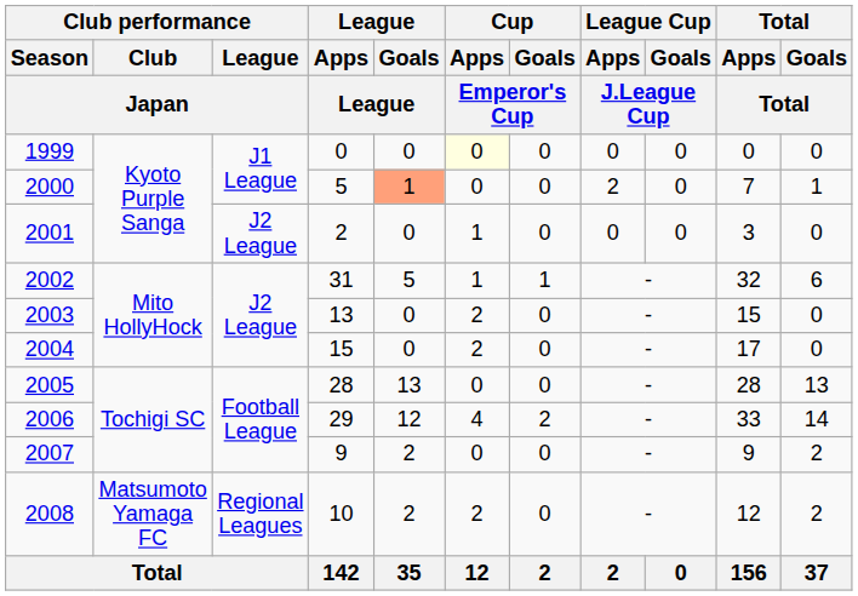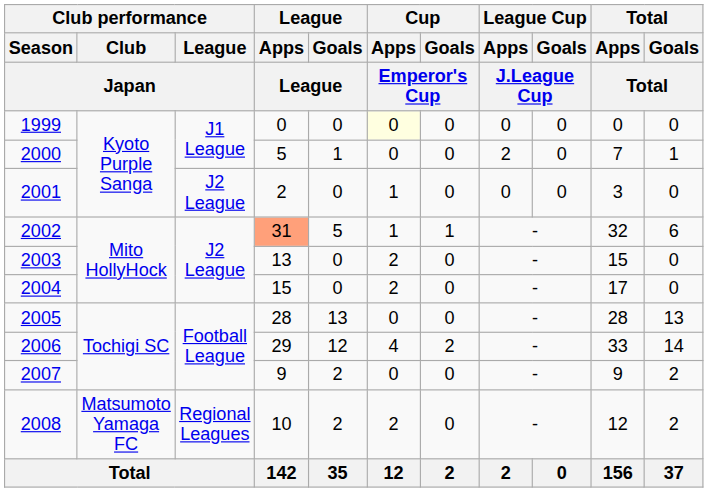 <table class="wikitable" style="text-align:center;">
 <tr>
 <th colspan=3>Club performance</th>
 <th colspan=2>League</th>
 <th colspan=2>Cup</th>
 <th colspan=2>League Cup</th>
 <th colspan=2>Total</th>
 </tr>
 <tr>
 <th>Season</th>
 <th>Club</th>
 <th>League</th>
 <th>Apps</th>
 <th>Goals</th>
 <th>Apps</th>
 <th>Goals</th>
 <th>Apps</th>
 <th>Goals</th>
 <th>Apps</th>
 <th>Goals</th>
 </tr>
 <tr>
 <th colspan=3>Japan</th>
 <th colspan=2>League</th>
 <th colspan=2><a href='#'>Emperor's Cup</a></th>
 <th colspan=2><a href='#'>J.League Cup</a></th>
 <th colspan=2>Total</th>
 </tr>
 <tr>
 <td><a href='#'>1999</a></td>
 <td rowspan="3"><a href='#'>Kyoto Purple Sanga</a></td>
 <td rowspan="2"><a href='#'>J1 League</a></td>
 <td>0</td>
 <td>0</td>
 <td style="background: lightyellow;">0</td>
 <td>0</td>
 <td>0</td>
 <td>0</td>
 <td>0</td>
 <td>0</td>
 </tr>
 <tr>
 <td><a href='#'>2000</a></td>
 <td>5</td>
-<td style="background: lightsalmon;">1</td>
+<td>1</td>
 <td>0</td>
 <td>0</td>
 <td>2</td>
 <td>0</td>
 <td>7</td>
 <td>1</td>
 </tr>
 <tr>
 <td><a href='#'>2001</a></td>
 <td><a href='#'>J2 League</a></td>
 <td>2</td>
 <td>0</td>
 <td>1</td>
 <td>0</td>
 <td>0</td>
 <td>0</td>
 <td>3</td>
 <td>0</td>
 </tr>
 <tr>
 <td><a href='#'>2002</a></td>
 <td rowspan="3"><a href='#'>Mito HollyHock</a></td>
 <td rowspan="3"><a href='#'>J2 League</a></td>
-<td>31</td>
+<td style="background: lightsalmon;">31</td>
 <td>5</td>
 <td>1</td>
 <td>1</td>
 <td colspan="2">-</td>
 <td>32</td>
 <td>6</td>
 </tr>
 <tr>
 <td><a href='#'>2003</a></td>
 <td>13</td>
 <td>0</td>
 <td>2</td>
 <td>0</td>
 <td colspan="2">-</td>
 <td>15</td>
 <td>0</td>
 </tr>
 <tr>
 <td><a href='#'>2004</a></td>
 <td>15</td>
 <td>0</td>
 <td>2</td>
 <td>0</td>
 <td colspan="2">-</td>
 <td>17</td>
 <td>0</td>
 </tr>
 <tr>
 <td><a href='#'>2005</a></td>
 <td rowspan="3"><a href='#'>Tochigi SC</a></td>
 <td rowspan="3"><a href='#'>Football League</a></td>
 <td>28</td>
 <td>13</td>
 <td>0</td>
 <td>0</td>
 <td colspan="2">-</td>
 <td>28</td>
 <td>13</td>
 </tr>
 <tr>
 <td><a href='#'>2006</a></td>
 <td>29</td>
 <td>12</td>
 <td>4</td>
 <td>2</td>
 <td colspan="2">-</td>
 <td>33</td>
 <td>14</td>
 </tr>
 <tr>
 <td><a href='#'>2007</a></td>
 <td>9</td>
 <td>2</td>
 <td>0</td>
 <td>0</td>
 <td colspan="2">-</td>
 <td>9</td>
 <td>2</td>
 </tr>
 <tr>
 <td><a href='#'>2008</a></td>
 <td><a href='#'>Matsumoto Yamaga FC</a></td>
 <td><a href='#'>Regional Leagues</a></td>
 <td>10</td>
 <td>2</td>
 <td>2</td>
 <td>0</td>
 <td colspan="2">-</td>
 <td>12</td>
 <td>2</td>
 </tr>
 <tr>
 <th colspan=3>Total</th>
 <th>142</th>
 <th>35</th>
 <th>12</th>
 <th>2</th>
 <th>2</th>
 <th>0</th>
 <th>156</th>
 <th>37</th>
 </tr>
 </table>
